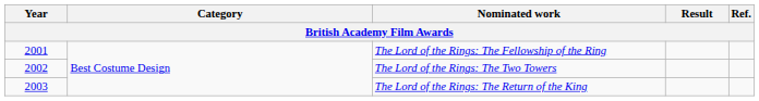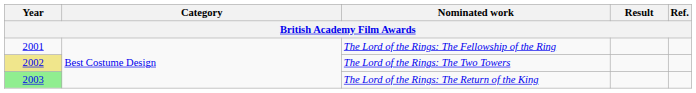 <table class=wikitable>
 <tr>
 <th scope="col" style="width:5em;">Year</th>
 <th scope="col" style="width:26em;">Category</th>
 <th scope="col" style="width:25em;">Nominated work</th>
 <th scope="col" style="width:5em;">Result</th>
 <th>Ref.</th>
 </tr>
 <tr>
 <th colspan="5"><a href='#'>British Academy Film Awards</a></th>
 </tr>
 <tr>
 <td style="text-align:center;"><a href='#'>2001</a></td>
 <td rowspan="3"><a href='#'>Best Costume Design</a></td>
 <td><em><a href='#'>The Lord of the Rings: The Fellowship of the Ring</a></em></td>
 <td></td>
 <td style="text-align:center;"></td>
 </tr>
 <tr>
-<td style="text-align:center;"><a href='#'>2002</a></td>
+<td style="background: khaki; text-align:center;"><a href='#'>2002</a></td>
 <td><em><a href='#'>The Lord of the Rings: The Two Towers</a></em></td>
 <td></td>
 <td style="text-align:center;"></td>
 </tr>
 <tr>
-<td style="text-align:center;"><a href='#'>2003</a></td>
+<td style="background: lightgreen; text-align:center;"><a href='#'>2003</a></td>
 <td><em><a href='#'>The Lord of the Rings: The Return of the King</a></em></td>
 <td></td>
 <td style="text-align:center;"></td>
 </tr>
 </table>
